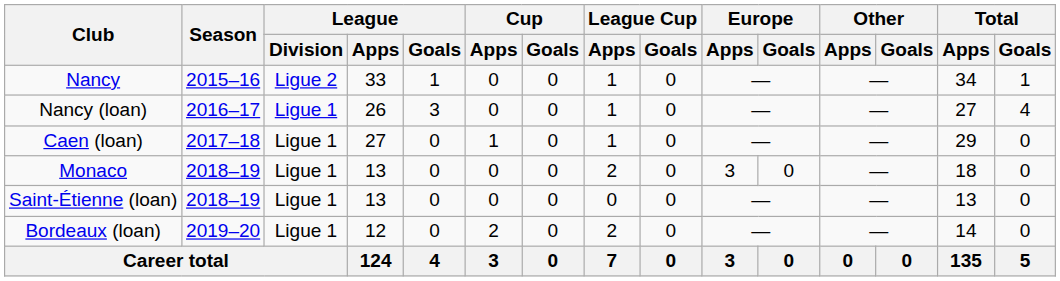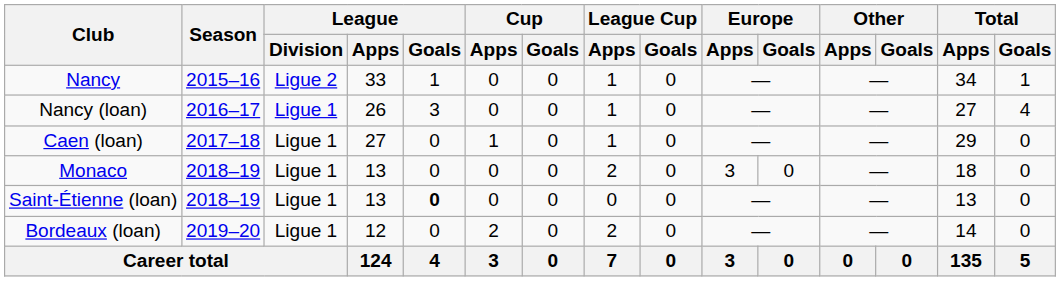 <table class="wikitable" style="text-align:center">
 <tr>
 <th rowspan="2">Club</th>
 <th rowspan="2">Season</th>
 <th colspan="3">League</th>
 <th colspan="2">Cup</th>
 <th colspan="2">League Cup</th>
 <th colspan="2">Europe</th>
 <th colspan="2">Other</th>
 <th colspan="2">Total</th>
 </tr>
 <tr>
 <th>Division</th>
 <th>Apps</th>
 <th>Goals</th>
 <th>Apps</th>
 <th>Goals</th>
 <th>Apps</th>
 <th>Goals</th>
 <th>Apps</th>
 <th>Goals</th>
 <th>Apps</th>
 <th>Goals</th>
 <th>Apps</th>
 <th>Goals</th>
 </tr>
 <tr>
 <td><a href='#'>Nancy</a></td>
 <td><a href='#'>2015–16</a></td>
 <td><a href='#'>Ligue 2</a></td>
 <td>33</td>
 <td>1</td>
 <td>0</td>
 <td>0</td>
 <td>1</td>
 <td>0</td>
 <td colspan="2">—</td>
 <td colspan="2">—</td>
 <td>34</td>
 <td>1</td>
 </tr>
 <tr>
 <td>Nancy (loan)</td>
 <td><a href='#'>2016–17</a></td>
 <td><a href='#'>Ligue 1</a></td>
 <td>26</td>
 <td>3</td>
 <td>0</td>
 <td>0</td>
 <td>1</td>
 <td>0</td>
 <td colspan="2">—</td>
 <td colspan="2">—</td>
 <td>27</td>
 <td>4</td>
 </tr>
 <tr>
 <td><a href='#'>Caen</a> (loan)</td>
 <td><a href='#'>2017–18</a></td>
 <td>Ligue 1</td>
 <td>27</td>
 <td>0</td>
 <td>1</td>
 <td>0</td>
 <td>1</td>
 <td>0</td>
 <td colspan="2">—</td>
 <td colspan="2">—</td>
 <td>29</td>
 <td>0</td>
 </tr>
 <tr>
 <td><a href='#'>Monaco</a></td>
 <td><a href='#'>2018–19</a></td>
 <td>Ligue 1</td>
 <td>13</td>
 <td>0</td>
 <td>0</td>
 <td>0</td>
 <td>2</td>
 <td>0</td>
 <td>3</td>
 <td>0</td>
 <td colspan="2">—</td>
 <td>18</td>
 <td>0</td>
 </tr>
 <tr>
 <td><a href='#'>Saint-Étienne</a> (loan)</td>
 <td><a href='#'>2018–19</a></td>
 <td>Ligue 1</td>
 <td>13</td>
-<td>0</td>
+<td><strong>0</strong></td>
 <td>0</td>
 <td>0</td>
 <td>0</td>
 <td>0</td>
 <td colspan="2">—</td>
 <td colspan="2">—</td>
 <td>13</td>
 <td>0</td>
 </tr>
 <tr>
 <td><a href='#'>Bordeaux</a> (loan)</td>
 <td><a href='#'>2019–20</a></td>
 <td>Ligue 1</td>
 <td>12</td>
 <td>0</td>
 <td>2</td>
 <td>0</td>
 <td>2</td>
 <td>0</td>
 <td colspan="2">—</td>
 <td colspan="2">—</td>
 <td>14</td>
 <td>0</td>
 </tr>
 <tr>
 <th colspan="3">Career total</th>
 <th>124</th>
 <th>4</th>
 <th>3</th>
 <th>0</th>
 <th>7</th>
 <th>0</th>
 <th>3</th>
 <th>0</th>
 <th>0</th>
 <th>0</th>
 <th>135</th>
 <th>5</th>
 </tr>
 </table>
